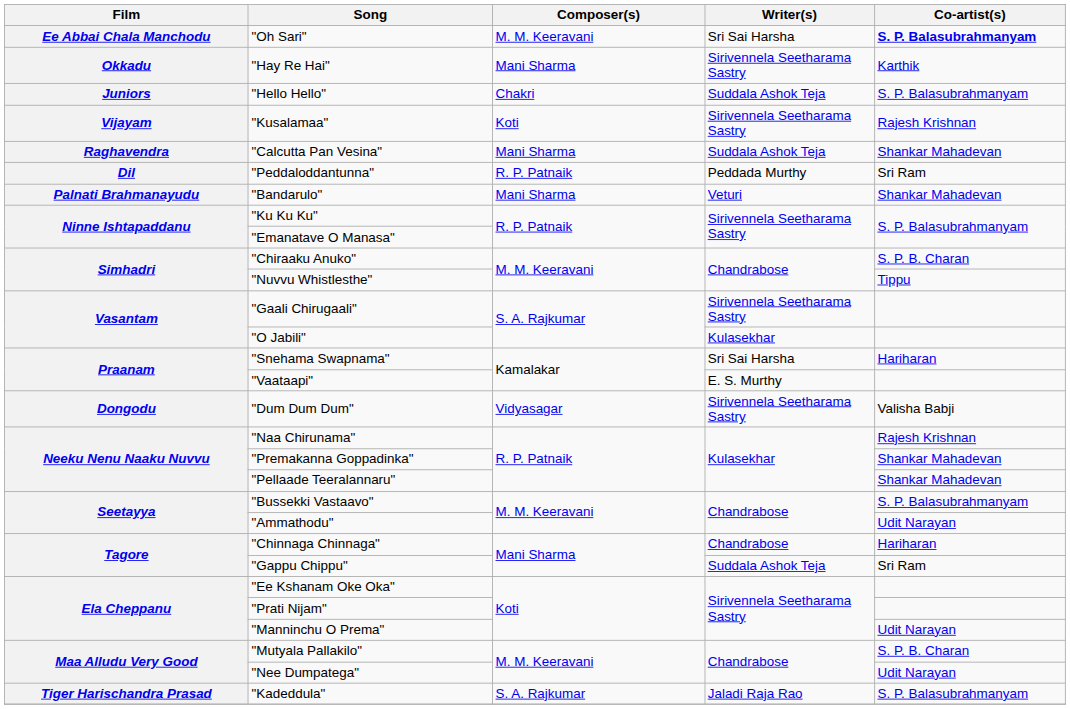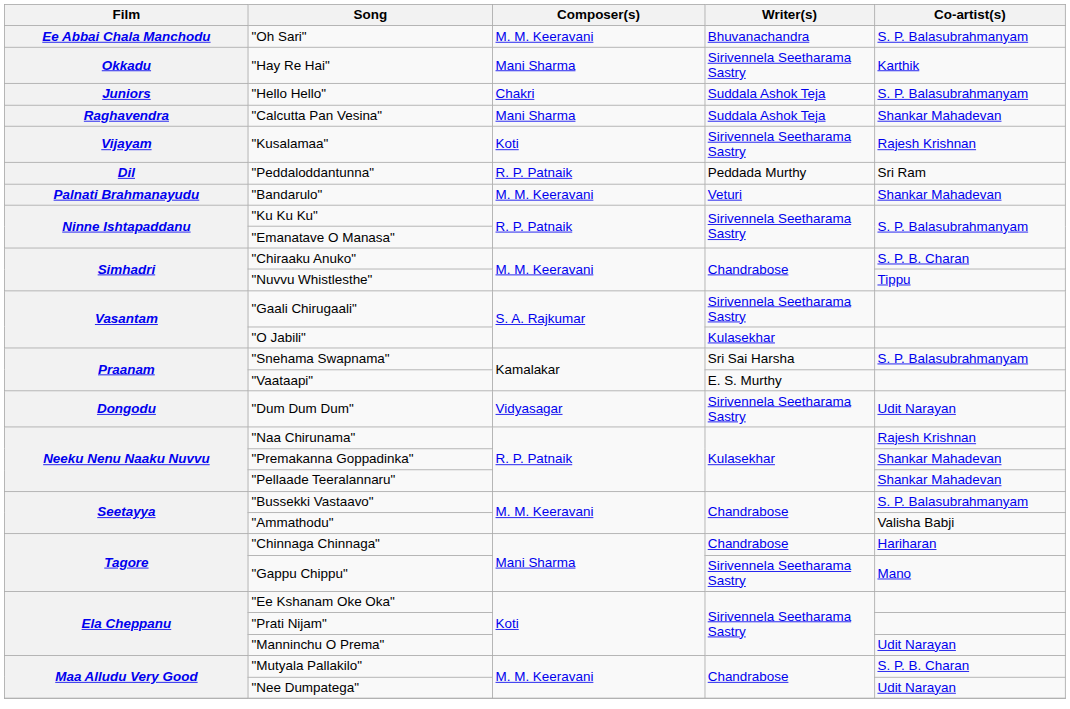 <table class="wikitable plainrowheaders" width="100%" textcolor:#000;">
 <tr>
 <th scope="col" width=23%><strong>Film</strong></th>
 <th scope="col" width=23%><strong>Song</strong></th>
 <th scope="col" width=20%><strong>Composer(s)</strong></th>
 <th scope="col" width=16%><strong>Writer(s)</strong></th>
 <th scope="col" width=18%><strong>Co-artist(s)</strong></th>
 </tr>
 <tr>
 <th><em><a href='#'>Ee Abbai Chala Manchodu</a></em></th>
 <td>"Oh Sari"</td>
 <td><a href='#'>M. M. Keeravani</a></td>
-<td>Sri Sai Harsha</td>
-<td><strong><a href='#'>S. P. Balasubrahmanyam</a></strong></td>
+<td><a href='#'>Bhuvanachandra</a></td>
+<td><a href='#'>S. P. Balasubrahmanyam</a></td>
 </tr>
 <tr>
 <th><em><a href='#'>Okkadu</a></em></th>
 <td>"Hay Re Hai"</td>
 <td><a href='#'>Mani Sharma</a></td>
 <td><a href='#'>Sirivennela Seetharama Sastry</a></td>
 <td><a href='#'>Karthik</a></td>
 </tr>
 <tr>
 <th><em><a href='#'>Juniors</a></em></th>
 <td>"Hello Hello"</td>
 <td><a href='#'>Chakri</a></td>
 <td><a href='#'>Suddala Ashok Teja</a></td>
 <td><a href='#'>S. P. Balasubrahmanyam</a></td>
 </tr>
 <tr>
+<th><em><a href='#'>Raghavendra</a></em></th>
+<td>"Calcutta Pan Vesina"</td>
+<td><a href='#'>Mani Sharma</a></td>
+<td><a href='#'>Suddala Ashok Teja</a></td>
+<td><a href='#'>Shankar Mahadevan</a></td>
+</tr>
+<tr>
 <th><em><a href='#'>Vijayam</a></em></th>
 <td>"Kusalamaa"</td>
 <td><a href='#'>Koti</a></td>
 <td><a href='#'>Sirivennela Seetharama Sastry</a></td>
 <td><a href='#'>Rajesh Krishnan</a></td>
-</tr>
-<tr>
-<th><em><a href='#'>Raghavendra</a></em></th>
-<td>"Calcutta Pan Vesina"</td>
-<td><a href='#'>Mani Sharma</a></td>
-<td><a href='#'>Suddala Ashok Teja</a></td>
-<td><a href='#'>Shankar Mahadevan</a></td>
 </tr>
 <tr>
 <th><em><a href='#'>Dil</a></em></th>
 <td>"Peddaloddantunna"</td>
 <td><a href='#'>R. P. Patnaik</a></td>
 <td>Peddada Murthy</td>
 <td>Sri Ram</td>
 </tr>
 <tr>
 <th><em><a href='#'>Palnati Brahmanayudu</a></em></th>
 <td>"Bandarulo"</td>
-<td><a href='#'>Mani Sharma</a></td>
+<td><a href='#'>M. M. Keeravani</a></td>
 <td><a href='#'>Veturi</a></td>
 <td><a href='#'>Shankar Mahadevan</a></td>
 </tr>
 <tr>
 <th rowspan="2"><em><a href='#'>Ninne Ishtapaddanu</a></em></th>
 <td>"Ku Ku Ku"</td>
 <td rowspan="2'"><a href='#'>R. P. Patnaik</a></td>
 <td rowspan="2"><a href='#'>Sirivennela Seetharama Sastry</a></td>
 <td rowspan="2"><a href='#'>S. P. Balasubrahmanyam</a></td>
 </tr>
 <tr>
 <td>"Emanatave O Manasa"</td>
 </tr>
 <tr>
 <th rowspan="2"><em><a href='#'>Simhadri</a></em></th>
 <td>"Chiraaku Anuko"</td>
 <td rowspan="2'"><a href='#'>M. M. Keeravani</a></td>
 <td rowspan="2"><a href='#'>Chandrabose</a></td>
 <td><a href='#'>S. P. B. Charan</a></td>
 </tr>
 <tr>
 <td>"Nuvvu Whistlesthe"</td>
 <td><a href='#'>Tippu</a></td>
 </tr>
 <tr>
 <th rowspan="2"><em><a href='#'>Vasantam</a></em></th>
 <td>"Gaali Chirugaali"</td>
 <td rowspan="2'"><a href='#'>S. A. Rajkumar</a></td>
 <td><a href='#'>Sirivennela Seetharama Sastry</a></td>
 <td></td>
 </tr>
 <tr>
 <td>"O Jabili"</td>
 <td><a href='#'>Kulasekhar</a></td>
 <td></td>
 </tr>
 <tr>
 <th rowspan="2"><em><a href='#'>Praanam</a></em></th>
 <td>"Snehama Swapnama"</td>
 <td rowspan="2'">Kamalakar</td>
 <td>Sri Sai Harsha</td>
-<td><a href='#'>Hariharan</a></td>
+<td><a href='#'>S. P. Balasubrahmanyam</a></td>
 </tr>
 <tr>
 <td>"Vaataapi"</td>
 <td>E. S. Murthy</td>
 <td></td>
 </tr>
 <tr>
 <th><em><a href='#'>Dongodu</a></em></th>
 <td>"Dum Dum Dum"</td>
 <td><a href='#'>Vidyasagar</a></td>
 <td><a href='#'>Sirivennela Seetharama Sastry</a></td>
-<td>Valisha Babji</td>
+<td><a href='#'>Udit Narayan</a></td>
 </tr>
 <tr>
 <th rowspan="3"><em><a href='#'>Neeku Nenu Naaku Nuvvu</a></em></th>
 <td>"Naa Chirunama"</td>
 <td rowspan="3"><a href='#'>R. P. Patnaik</a></td>
 <td rowspan="3"><a href='#'>Kulasekhar</a></td>
 <td><a href='#'>Rajesh Krishnan</a></td>
 </tr>
 <tr>
 <td>"Premakanna Goppadinka"</td>
 <td><a href='#'>Shankar Mahadevan</a></td>
 </tr>
 <tr>
 <td>"Pellaade Teeralannaru"</td>
 <td><a href='#'>Shankar Mahadevan</a></td>
 </tr>
 <tr>
 <th rowspan="2"><em><a href='#'>Seetayya</a></em></th>
 <td>"Bussekki Vastaavo"</td>
 <td rowspan="2"><a href='#'>M. M. Keeravani</a></td>
 <td rowspan="2"><a href='#'>Chandrabose</a></td>
 <td><a href='#'>S. P. Balasubrahmanyam</a></td>
 </tr>
 <tr>
 <td>"Ammathodu"</td>
-<td><a href='#'>Udit Narayan</a></td>
+<td>Valisha Babji</td>
 </tr>
 <tr>
 <th rowspan="2"><em><a href='#'>Tagore</a></em></th>
 <td>"Chinnaga Chinnaga"</td>
 <td rowspan="2"><a href='#'>Mani Sharma</a></td>
 <td><a href='#'>Chandrabose</a></td>
 <td><a href='#'>Hariharan</a></td>
 </tr>
 <tr>
 <td>"Gappu Chippu"</td>
-<td><a href='#'>Suddala Ashok Teja</a></td>
-<td>Sri Ram</td>
+<td><a href='#'>Sirivennela Seetharama Sastry</a></td>
+<td><a href='#'>Mano</a></td>
 </tr>
 <tr>
 <th rowspan="3"><em><a href='#'>Ela Cheppanu</a></em></th>
 <td>"Ee Kshanam Oke Oka"</td>
 <td rowspan="3"><a href='#'>Koti</a></td>
 <td rowspan="3"><a href='#'>Sirivennela Seetharama Sastry</a></td>
 <td></td>
 </tr>
 <tr>
 <td>"Prati Nijam"</td>
 <td></td>
 </tr>
 <tr>
 <td>"Manninchu O Prema"</td>
 <td><a href='#'>Udit Narayan</a></td>
 </tr>
 <tr>
 <th rowspan="2"><em><a href='#'>Maa Alludu Very Good</a></em></th>
 <td>"Mutyala Pallakilo"</td>
 <td rowspan="2"><a href='#'>M. M. Keeravani</a></td>
 <td rowspan="2"><a href='#'>Chandrabose</a></td>
 <td><a href='#'>S. P. B. Charan</a></td>
 </tr>
 <tr>
 <td>"Nee Dumpatega"</td>
 <td><a href='#'>Udit Narayan</a></td>
 </tr>
 <tr>
-<th><em><a href='#'>Tiger Harischandra Prasad</a></em></th>
-<td>"Kadeddula"</td>
-<td><a href='#'>S. A. Rajkumar</a></td>
-<td><a href='#'>Jaladi Raja Rao</a></td>
-<td><a href='#'>S. P. Balasubrahmanyam</a></td>
-</tr>
-<tr>
 </tr>
 </table>
